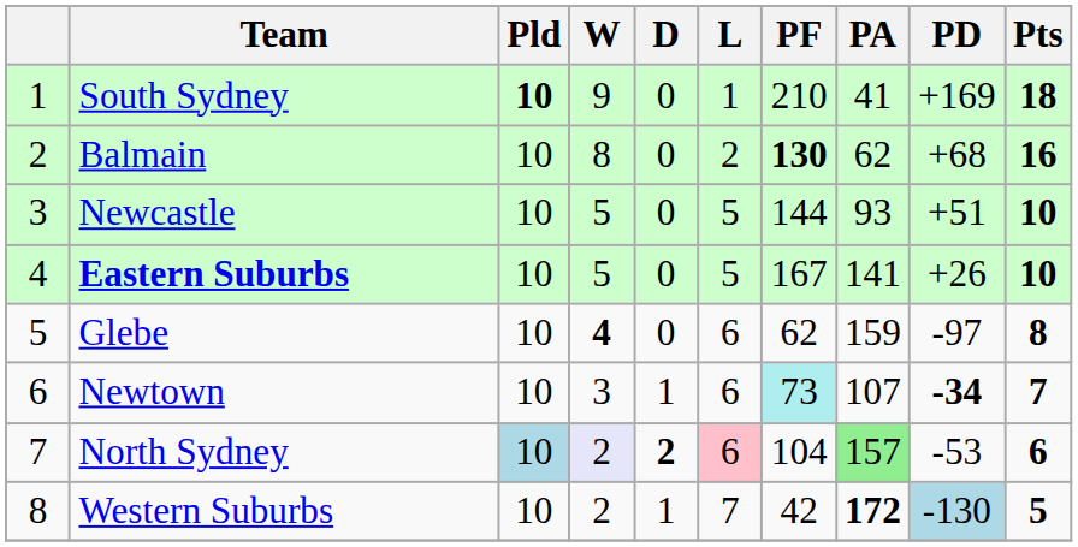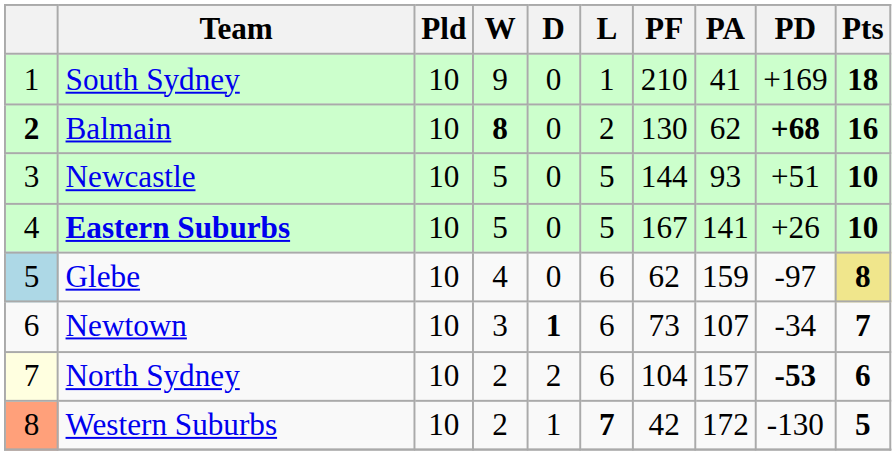 <table class="wikitable" style="text-align:center;">
 <tr>
 <th width=20 abbr="Position×"></th>
 <th width=175>Team</th>
 <th width=20 abbr="Played">Pld</th>
 <th width=20 abbr="Won">W</th>
 <th width=20 abbr="Drawn">D</th>
 <th width=20 abbr="Lost">L</th>
 <th width=20 abbr="Points for">PF</th>
 <th width=20 abbr="Points against">PA</th>
 <th width=20 abbr="Points difference">PD</th>
 <th width=20 abbr="Points">Pts</th>
 </tr>
 <tr style="background: #ccffcc;">
 <td>1</td>
 <td style="text-align:left;"> <a href='#'>South Sydney</a></td>
-<td><strong>10</strong></td>
+<td>10</td>
 <td>9</td>
 <td>0</td>
 <td>1</td>
 <td>210</td>
 <td>41</td>
 <td>+169</td>
 <td><strong>18</strong></td>
 </tr>
 <tr style="background: #ccffcc;">
-<td>2</td>
+<td><strong>2</strong></td>
 <td style="text-align:left;"> <a href='#'>Balmain</a></td>
 <td>10</td>
-<td>8</td>
+<td><strong>8</strong></td>
 <td>0</td>
 <td>2</td>
-<td><strong>130</strong></td>
+<td>130</td>
 <td>62</td>
-<td>+68</td>
+<td><strong>+68</strong></td>
 <td><strong>16</strong></td>
 </tr>
 <tr style="background: #ccffcc;">
 <td>3</td>
 <td style="text-align:left;"> <a href='#'>Newcastle</a></td>
 <td>10</td>
 <td>5</td>
 <td>0</td>
 <td>5</td>
 <td>144</td>
 <td>93</td>
 <td>+51</td>
 <td><strong>10</strong></td>
 </tr>
 <tr style="background: #ccffcc;">
 <td>4</td>
 <td style="text-align:left;"> <strong><a href='#'>Eastern Suburbs</a></strong></td>
 <td>10</td>
 <td>5</td>
 <td>0</td>
 <td>5</td>
 <td>167</td>
 <td>141</td>
 <td>+26</td>
 <td><strong>10</strong></td>
 </tr>
 <tr>
-<td>5</td>
+<td style="background: lightblue;">5</td>
 <td style="text-align:left;"> <a href='#'>Glebe</a></td>
 <td>10</td>
-<td><strong>4</strong></td>
+<td>4</td>
 <td>0</td>
 <td>6</td>
 <td>62</td>
 <td>159</td>
 <td>-97</td>
-<td><strong>8</strong></td>
+<td style="background: khaki;"><strong>8</strong></td>
 </tr>
 <tr>
 <td>6</td>
 <td style="text-align:left;"> <a href='#'>Newtown</a></td>
 <td>10</td>
 <td>3</td>
-<td>1</td>
+<td><strong>1</strong></td>
 <td>6</td>
-<td style="background: paleturquoise;">73</td>
+<td>73</td>
 <td>107</td>
-<td><strong>-34</strong></td>
+<td>-34</td>
 <td><strong>7</strong></td>
 </tr>
 <tr>
-<td>7</td>
+<td style="background: lightyellow;">7</td>
 <td style="text-align:left;"> <a href='#'>North Sydney</a></td>
-<td style="background: lightblue;">10</td>
-<td style="background: lavender;">2</td>
-<td><strong>2</strong></td>
-<td style="background: pink;">6</td>
+<td>10</td>
+<td>2</td>
+<td>2</td>
+<td>6</td>
 <td>104</td>
-<td style="background: lightgreen;">157</td>
-<td>-53</td>
+<td>157</td>
+<td><strong>-53</strong></td>
 <td><strong>6</strong></td>
 </tr>
 <tr>
-<td>8</td>
+<td style="background: lightsalmon;">8</td>
 <td style="text-align:left;"> <a href='#'>Western Suburbs</a></td>
 <td>10</td>
 <td>2</td>
 <td>1</td>
-<td>7</td>
+<td><strong>7</strong></td>
 <td>42</td>
-<td><strong>172</strong></td>
-<td style="background: lightblue;">-130</td>
+<td>172</td>
+<td>-130</td>
 <td><strong>5</strong></td>
 </tr>
 <tr>
 </tr>
 </table>
